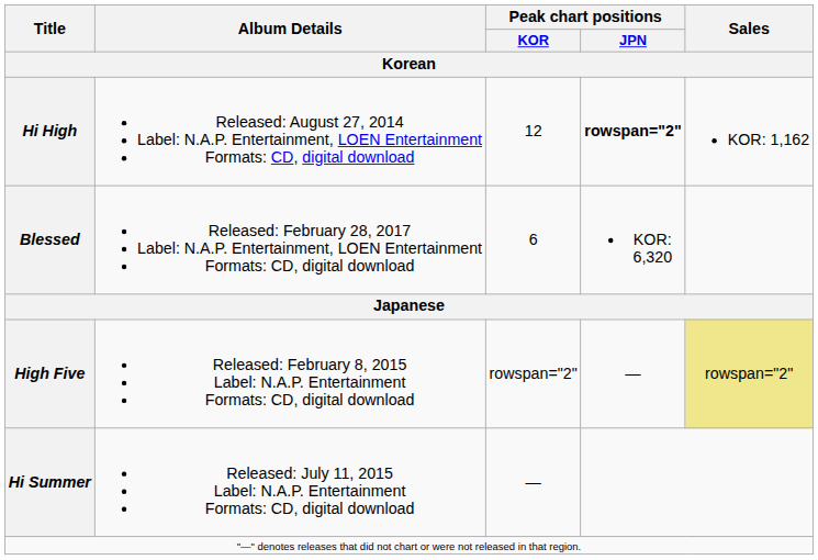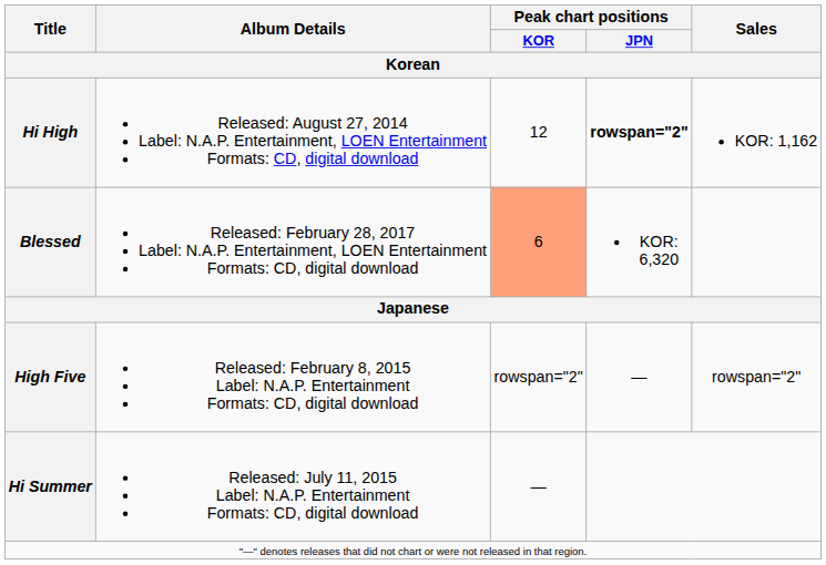 <table class="wikitable plainrowheaders" style="text-align:center;">
 <tr>
 <th scope="col" rowspan="2">Title</th>
 <th scope="col" rowspan="2">Album Details</th>
 <th scope="col" colspan="2">Peak chart positions</th>
 <th scope="col" rowspan="2">Sales</th>
 </tr>
 <tr>
 <th scope="col" style="width:3.5em;font-size:90%;"><a href='#'>KOR</a><br></th>
 <th scope="col" style="width:3.5em;font-size:90%;"><a href='#'>JPN</a><br></th>
 </tr>
 <tr>
 <th scope="col" colspan="5">Korean</th>
 </tr>
 <tr>
 <th scope="row"><em>Hi High</em></th>
 <td><br><ul><li>Released: August 27, 2014</li><li>Label: N.A.P. Entertainment, <a href='#'>LOEN Entertainment</a></li><li>Formats: <a href='#'>CD</a>, <a href='#'>digital download</a></li></ul></td>
 <td>12</td>
 <td><strong>rowspan="2" </strong></td>
 <td><br><ul><li>KOR: 1,162</li></ul></td>
 </tr>
 <tr>
 <th scope="row"><em>Blessed</em></th>
 <td><br><ul><li>Released: February 28, 2017</li><li>Label: N.A.P. Entertainment, LOEN Entertainment</li><li>Formats: CD, digital download</li></ul></td>
-<td>6</td>
+<td style="background: lightsalmon;">6</td>
 <td><br><ul><li>KOR: 6,320</li></ul></td>
 </tr>
 <tr>
 <th scope="col" colspan="5">Japanese</th>
 </tr>
 <tr>
 <th scope="row"><em>High Five</em></th>
 <td><br><ul><li>Released: February 8, 2015</li><li>Label: N.A.P. Entertainment</li><li>Formats: CD, digital download</li></ul></td>
 <td>rowspan="2" </td>
 <td>—</td>
-<td style="background: khaki;">rowspan="2" </td>
+<td>rowspan="2" </td>
 </tr>
 <tr>
 <th scope="row"><em>Hi Summer</em></th>
 <td><br><ul><li>Released: July 11, 2015</li><li>Label: N.A.P. Entertainment</li><li>Formats: CD, digital download</li></ul></td>
 <td>—</td>
 </tr>
 <tr>
 <td align="center" colspan="6" style="font-size:8pt">"—" denotes releases that did not chart or were not released in that region.</td>
 </tr>
 </table>
